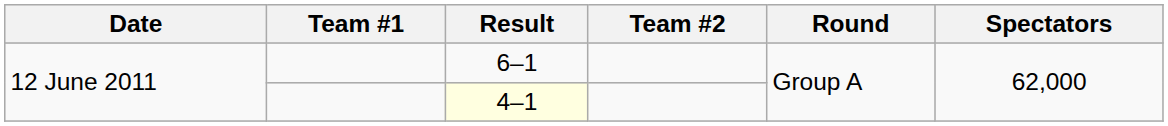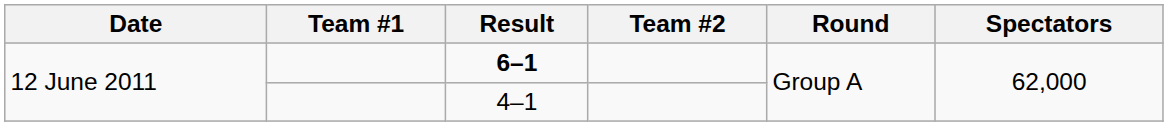 <table class="wikitable" style="text-align:left; width:60%;">
 <tr>
 <th style="text-align:center;">Date</th>
 <th style="text-align:center;">Team #1</th>
 <th style="text-align:center;">Result</th>
 <th style="text-align:center;">Team #2</th>
 <th style="text-align:center;">Round</th>
 <th style="text-align:center;">Spectators</th>
 </tr>
 <tr>
 <td rowspan=2>12 June 2011</td>
 <td><strong></strong></td>
-<td style="text-align:center;">6–1</td>
+<td style="text-align:center;"><strong>6–1</strong></td>
 <td></td>
 <td rowspan=2>Group A</td>
 <td rowspan=2 style="text-align:center;">62,000</td>
 </tr>
 <tr>
 <td><strong></strong></td>
-<td style="background: lightyellow; text-align:center;">4–1</td>
+<td style="text-align:center;">4–1</td>
 <td></td>
 </tr>
 </table>
